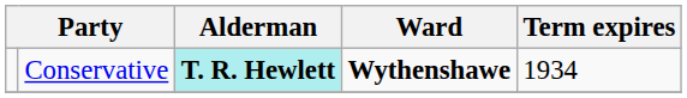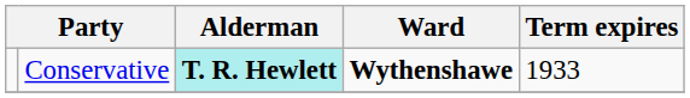 <table class="wikitable">
 <tr>
 <th colspan="2">Party</th>
 <th>Alderman</th>
 <th>Ward</th>
 <th>Term expires</th>
 </tr>
 <tr>
 <td style="background-color:"></td>
 <td><a href='#'>Conservative</a></td>
 <td style="background: paleturquoise;"><strong>T. R. Hewlett</strong></td>
 <td><strong>Wythenshawe</strong></td>
-<td>1934</td>
+<td>1933</td>
 </tr>
 <tr>
 </tr>
 </table>
